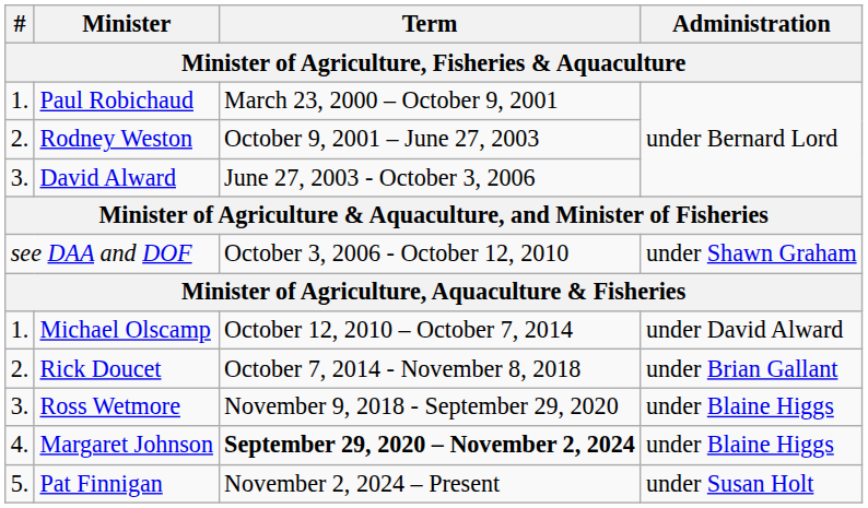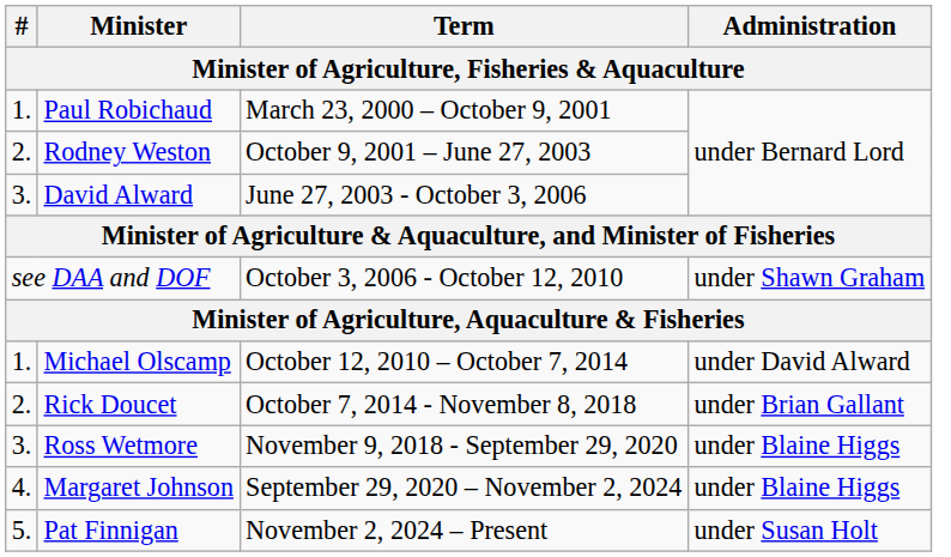 <table class="wikitable">
 <tr>
 <th>#</th>
 <th>Minister</th>
 <th>Term</th>
 <th>Administration</th>
 </tr>
 <tr>
 <th colspan=4>Minister of Agriculture, Fisheries & Aquaculture</th>
 </tr>
 <tr>
 <td>1.</td>
 <td><a href='#'>Paul Robichaud</a></td>
 <td>March 23, 2000 – October 9, 2001</td>
 <td rowspan=3>under Bernard Lord</td>
 </tr>
 <tr>
 <td>2.</td>
 <td><a href='#'>Rodney Weston</a></td>
 <td>October 9, 2001 – June 27, 2003</td>
 </tr>
 <tr>
 <td>3.</td>
 <td><a href='#'>David Alward</a></td>
 <td>June 27, 2003 - October 3, 2006</td>
 </tr>
 <tr>
 <th colspan=4>Minister of Agriculture & Aquaculture, and Minister of Fisheries</th>
 </tr>
 <tr>
 <td colspan=2><em>see <a href='#'>DAA</a> and <a href='#'>DOF</a></em></td>
 <td>October 3, 2006 - October 12, 2010</td>
 <td>under <a href='#'>Shawn Graham</a></td>
 </tr>
 <tr>
 <th colspan=4>Minister of Agriculture, Aquaculture & Fisheries</th>
 </tr>
 <tr>
 <td>1.</td>
 <td><a href='#'>Michael Olscamp</a></td>
 <td>October 12, 2010 – October 7, 2014</td>
 <td>under David Alward</td>
 </tr>
 <tr>
 <td>2.</td>
 <td><a href='#'>Rick Doucet</a></td>
 <td>October 7, 2014 - November 8, 2018</td>
 <td>under <a href='#'>Brian Gallant</a></td>
 </tr>
 <tr>
 <td>3.</td>
 <td><a href='#'>Ross Wetmore</a></td>
 <td>November 9, 2018 - September 29, 2020</td>
 <td>under <a href='#'>Blaine Higgs</a></td>
 </tr>
 <tr>
 <td>4.</td>
 <td><a href='#'>Margaret Johnson</a></td>
-<td><strong>September 29, 2020 – November 2, 2024</strong></td>
+<td>September 29, 2020 – November 2, 2024</td>
 <td>under <a href='#'>Blaine Higgs</a></td>
 </tr>
 <tr>
 <td>5.</td>
 <td><a href='#'>Pat Finnigan</a></td>
 <td>November 2, 2024 – Present</td>
 <td>under <a href='#'>Susan Holt</a></td>
 </tr>
 </table>
